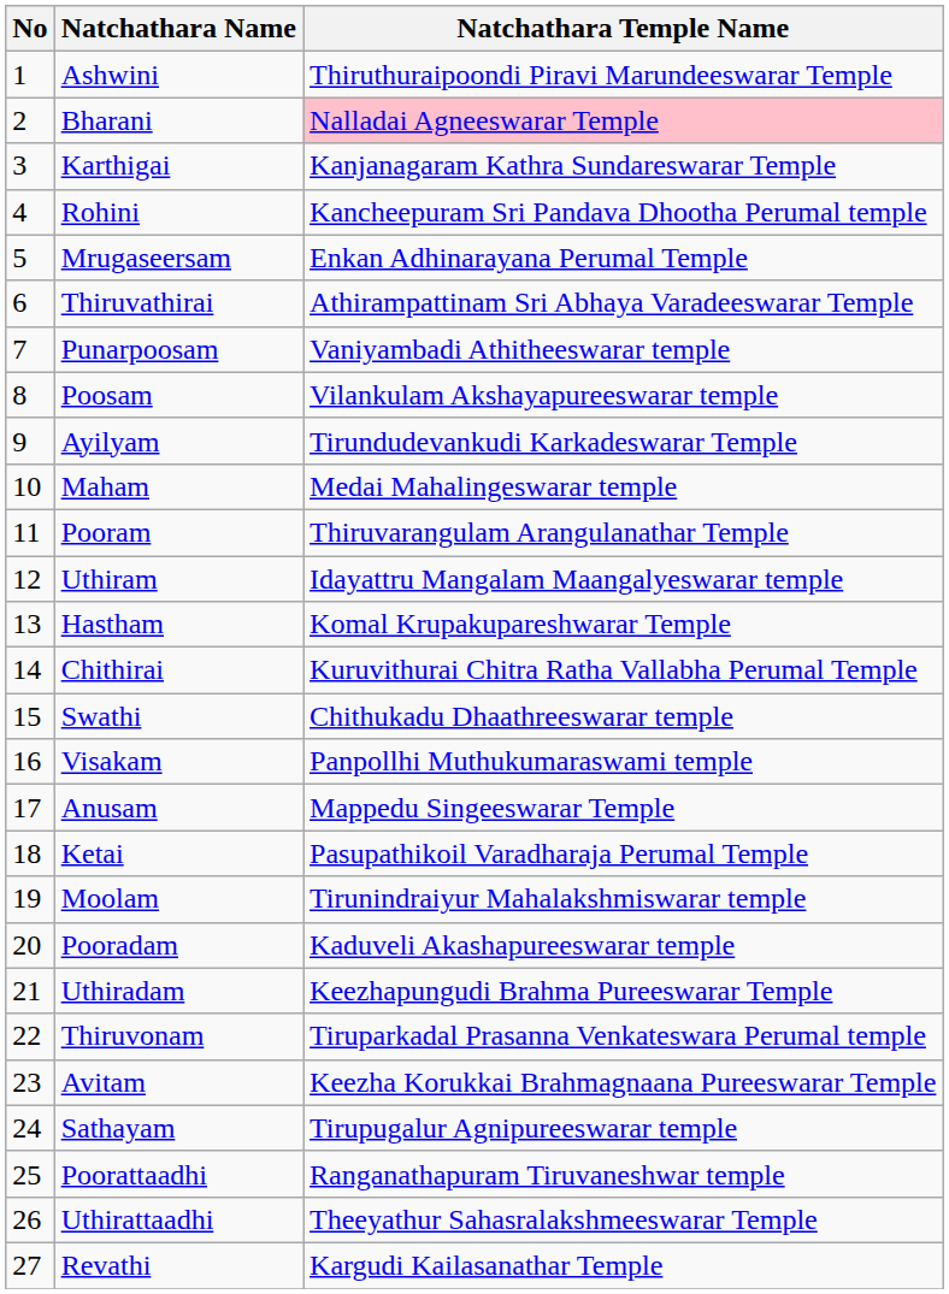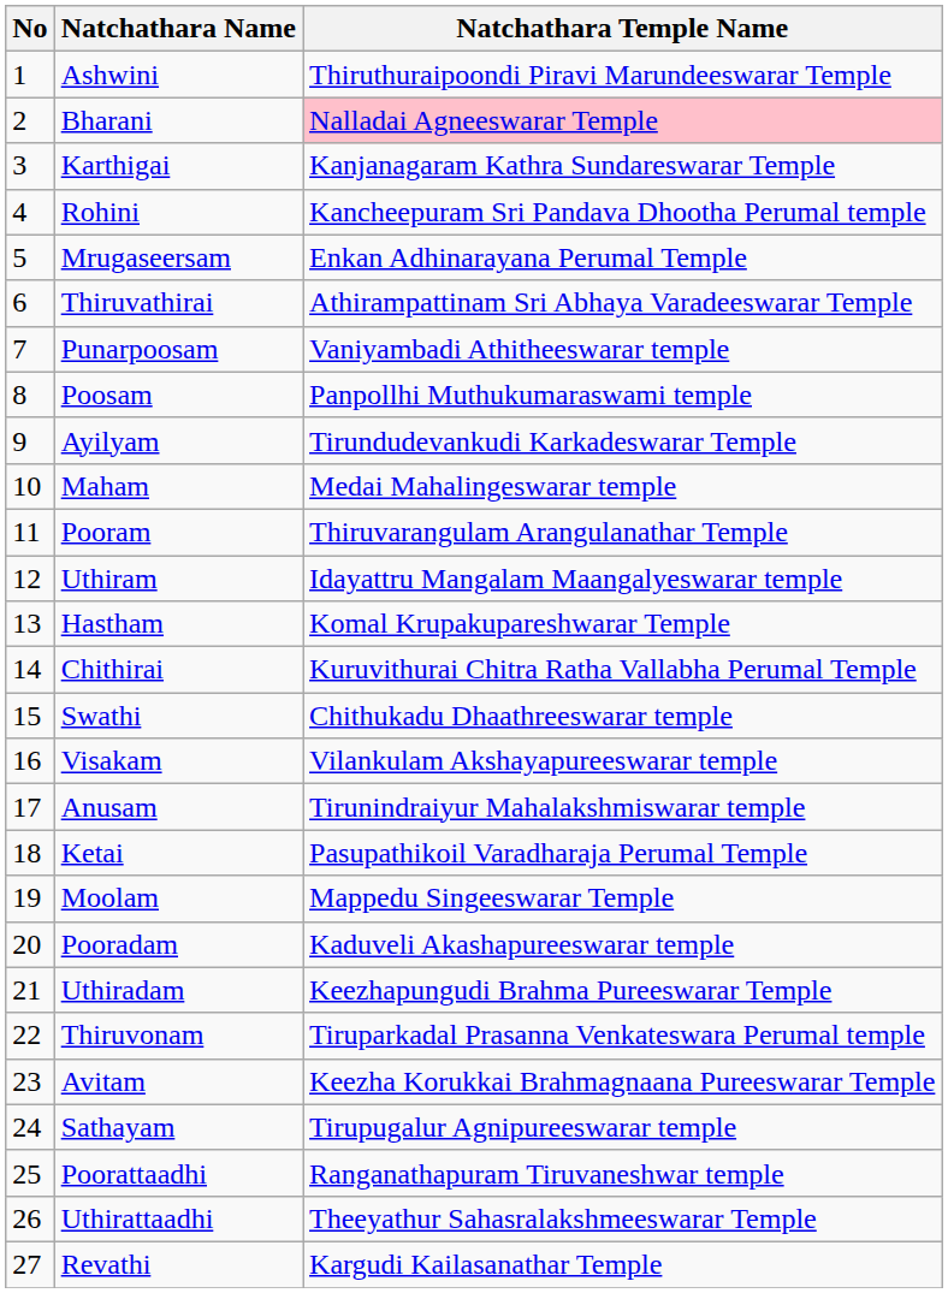 <table class="wikitable sortable">
 <tr>
 <th>No</th>
 <th>Natchathara Name</th>
 <th>Natchathara Temple Name</th>
 </tr>
 <tr>
 <td>1</td>
 <td><a href='#'>Ashwini</a></td>
 <td><a href='#'>Thiruthuraipoondi Piravi Marundeeswarar Temple</a></td>
 </tr>
 <tr>
 <td>2</td>
 <td><a href='#'>Bharani</a></td>
 <td style="background: pink;"><a href='#'>Nalladai Agneeswarar Temple</a></td>
 </tr>
 <tr>
 <td>3</td>
 <td><a href='#'> Karthigai</a></td>
 <td><a href='#'>Kanjanagaram Kathra Sundareswarar Temple</a></td>
 </tr>
 <tr>
 <td>4</td>
 <td><a href='#'>Rohini</a></td>
 <td><a href='#'> Kancheepuram Sri Pandava Dhootha Perumal temple</a></td>
 </tr>
 <tr>
 <td>5</td>
 <td><a href='#'> Mrugaseersam</a></td>
 <td><a href='#'>Enkan Adhinarayana Perumal Temple</a></td>
 </tr>
 <tr>
 <td>6</td>
 <td><a href='#'>Thiruvathirai</a></td>
 <td><a href='#'>Athirampattinam Sri Abhaya Varadeeswarar Temple</a></td>
 </tr>
 <tr>
 <td>7</td>
 <td><a href='#'> Punarpoosam</a></td>
 <td><a href='#'>Vaniyambadi Athitheeswarar temple</a></td>
 </tr>
 <tr>
 <td>8</td>
 <td><a href='#'> Poosam</a></td>
-<td><a href='#'>Vilankulam Akshayapureeswarar temple</a></td>
+<td><a href='#'>Panpollhi Muthukumaraswami temple</a></td>
 </tr>
 <tr>
 <td>9</td>
 <td><a href='#'> Ayilyam</a></td>
 <td><a href='#'>Tirundudevankudi Karkadeswarar Temple</a></td>
 </tr>
 <tr>
 <td>10</td>
 <td><a href='#'>Maham</a></td>
 <td><a href='#'>Medai Mahalingeswarar temple</a></td>
 </tr>
 <tr>
 <td>11</td>
 <td><a href='#'>Pooram</a></td>
 <td><a href='#'>Thiruvarangulam Arangulanathar Temple</a></td>
 </tr>
 <tr>
 <td>12</td>
 <td><a href='#'>Uthiram</a></td>
 <td><a href='#'>Idayattru Mangalam Maangalyeswarar temple</a></td>
 </tr>
 <tr>
 <td>13</td>
 <td><a href='#'> Hastham</a></td>
 <td><a href='#'>Komal Krupakupareshwarar Temple</a></td>
 </tr>
 <tr>
 <td>14</td>
 <td><a href='#'>Chithirai</a></td>
 <td><a href='#'>Kuruvithurai Chitra Ratha Vallabha Perumal Temple</a></td>
 </tr>
 <tr>
 <td>15</td>
 <td><a href='#'>Swathi</a></td>
 <td><a href='#'>Chithukadu Dhaathreeswarar temple</a></td>
 </tr>
 <tr>
 <td>16</td>
 <td><a href='#'> Visakam</a></td>
-<td><a href='#'>Panpollhi Muthukumaraswami temple</a></td>
+<td><a href='#'>Vilankulam Akshayapureeswarar temple</a></td>
 </tr>
 <tr>
 <td>17</td>
 <td><a href='#'> Anusam</a></td>
-<td><a href='#'>Mappedu Singeeswarar Temple</a></td>
+<td><a href='#'> Tirunindraiyur Mahalakshmiswarar temple</a></td>
 </tr>
 <tr>
 <td>18</td>
 <td><a href='#'> Ketai</a></td>
 <td><a href='#'>Pasupathikoil Varadharaja Perumal Temple</a></td>
 </tr>
 <tr>
 <td>19</td>
 <td><a href='#'> Moolam</a></td>
-<td><a href='#'> Tirunindraiyur Mahalakshmiswarar temple</a></td>
+<td><a href='#'>Mappedu Singeeswarar Temple</a></td>
 </tr>
 <tr>
 <td>20</td>
 <td><a href='#'> Pooradam</a></td>
 <td><a href='#'>Kaduveli Akashapureeswarar temple</a></td>
 </tr>
 <tr>
 <td>21</td>
 <td><a href='#'>  Uthiradam</a></td>
 <td><a href='#'>Keezhapungudi  Brahma Pureeswarar Temple</a></td>
 </tr>
 <tr>
 <td>22</td>
 <td><a href='#'> Thiruvonam</a></td>
 <td><a href='#'> Tiruparkadal Prasanna Venkateswara Perumal temple</a></td>
 </tr>
 <tr>
 <td>23</td>
 <td><a href='#'> Avitam</a></td>
 <td><a href='#'>Keezha Korukkai Brahmagnaana Pureeswarar Temple</a></td>
 </tr>
 <tr>
 <td>24</td>
 <td><a href='#'> Sathayam</a></td>
 <td><a href='#'> Tirupugalur Agnipureeswarar temple</a></td>
 </tr>
 <tr>
 <td>25</td>
 <td><a href='#'> Poorattaadhi</a></td>
 <td><a href='#'> Ranganathapuram Tiruvaneshwar temple</a></td>
 </tr>
 <tr>
 <td>26</td>
 <td><a href='#'> Uthirattaadhi</a></td>
 <td><a href='#'>Theeyathur Sahasralakshmeeswarar Temple</a></td>
 </tr>
 <tr>
 <td>27</td>
 <td><a href='#'> Revathi</a></td>
 <td><a href='#'>Kargudi Kailasanathar Temple</a></td>
 </tr>
 <tr>
 </tr>
 </table>
